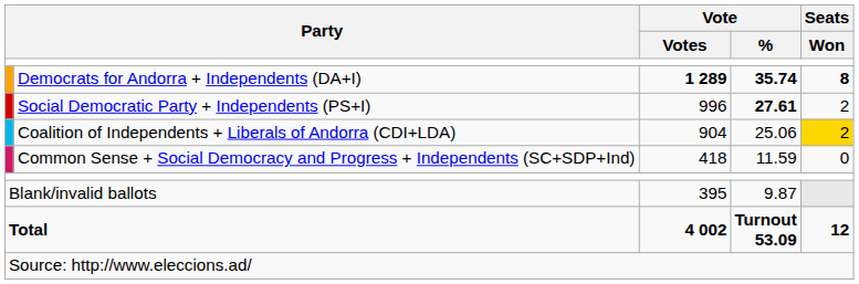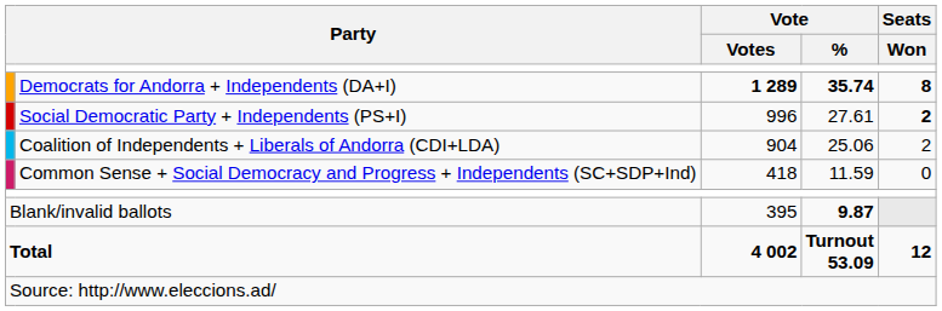 <table class="wikitable" style="text-align:right; font-size:100%; margin-bottom:0">
 <tr>
 <th align="left" rowspan="2" colspan="2" width="500">Party</th>
 <th colspan="2">Vote</th>
 <th>Seats</th>
 </tr>
 <tr>
 <th width="80">Votes</th>
 <th width="50">%</th>
 <th width="40">Won</th>
 </tr>
 <tr bgcolor=white>
 <td colspan=7></td>
 </tr>
 <tr>
 <td width="1" bgcolor="orange"></td>
 <td align="left"><a href='#'>Democrats for Andorra</a> + <a href='#'>Independents</a> (DA+I)</td>
 <td><strong>1 289 </strong></td>
 <td><strong>35.74   </strong></td>
 <td><strong>8</strong></td>
 </tr>
 <tr>
 <td width="1" style="color:inherit;background:#D40000"></td>
 <td align="left"><a href='#'>Social Democratic Party</a> + <a href='#'>Independents</a> (PS+I)</td>
 <td>996</td>
-<td><strong>27.61</strong></td>
-<td>2</td>
+<td>27.61</td>
+<td><strong>2</strong></td>
 </tr>
 <tr>
 <td width="1" style="color:inherit;background:#00B7EB"></td>
 <td align="left">Coalition of Independents + <a href='#'>Liberals of Andorra</a> (CDI+LDA)</td>
 <td>904</td>
 <td>25.06</td>
-<td style="background: gold;">2</td>
+<td>2</td>
 </tr>
 <tr>
 <td width="1" style="color:inherit;background:#cd1b68"></td>
 <td align="left">Common Sense + <a href='#'>Social Democracy and Progress</a> + <a href='#'>Independents</a> (SC+SDP+Ind)</td>
 <td>418</td>
 <td>11.59</td>
 <td>0</td>
 </tr>
 <tr bgcolor=white>
 <td colspan=7></td>
 </tr>
 <tr>
 <td colspan="2" align="left">Blank/invalid ballots</td>
 <td>395</td>
-<td>9.87</td>
+<td><strong>9.87</strong></td>
 <td style="color:inherit;background:#E9E9E9"></td>
 </tr>
 <tr style="font-weight:bold;">
 <td align="left" colspan="2">Total</td>
 <td>4 002</td>
 <td>Turnout 53.09</td>
 <td>12</td>
 </tr>
 <tr>
 <td align="left" colspan="5">Source: http://www.eleccions.ad/</td>
 </tr>
 </table>
